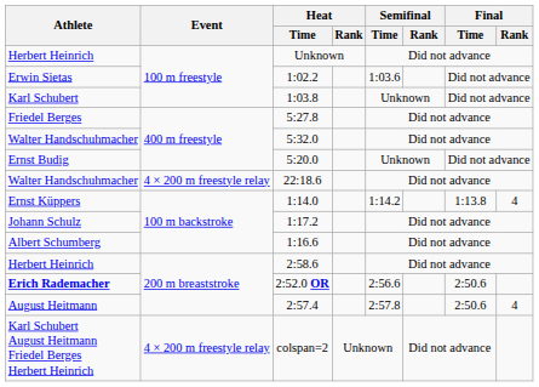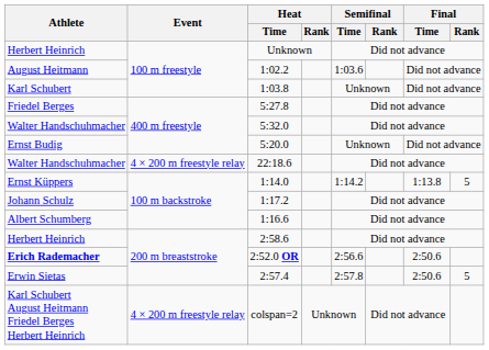 <table class=wikitable style="font-size:90%;">
 <tr>
 <th rowspan=2>Athlete</th>
 <th rowspan=2>Event</th>
 <th colspan=2>Heat</th>
 <th colspan=2>Semifinal</th>
 <th colspan=2>Final</th>
 </tr>
 <tr style="font-size:95%">
 <th>Time</th>
 <th>Rank</th>
 <th>Time</th>
 <th>Rank</th>
 <th>Time</th>
 <th>Rank</th>
 </tr>
 <tr align=center>
 <td align=left><a href='#'>Herbert Heinrich</a></td>
 <td rowspan=3 align=left><a href='#'>100 m freestyle</a></td>
 <td colspan=2>Unknown</td>
 <td colspan=4>Did not advance</td>
 </tr>
 <tr align=center>
-<td align=left><a href='#'>Erwin Sietas</a></td>
+<td align=left><a href='#'>August Heitmann</a></td>
 <td>1:02.2</td>
 <td></td>
 <td>1:03.6</td>
 <td></td>
 <td colspan=2>Did not advance</td>
 </tr>
 <tr align=center>
 <td align=left><a href='#'>Karl Schubert</a></td>
 <td>1:03.8</td>
 <td></td>
 <td colspan=2>Unknown</td>
 <td colspan=2>Did not advance</td>
 </tr>
 <tr align=center>
 <td align=left><a href='#'>Friedel Berges</a></td>
 <td rowspan=3 align=left><a href='#'>400 m freestyle</a></td>
 <td>5:27.8</td>
 <td></td>
 <td colspan=4>Did not advance</td>
 </tr>
 <tr align=center>
 <td align=left><a href='#'>Walter Handschuhmacher</a></td>
 <td>5:32.0</td>
 <td></td>
 <td colspan=4>Did not advance</td>
 </tr>
 <tr align=center>
 <td align=left><a href='#'>Ernst Budig</a></td>
 <td>5:20.0</td>
 <td></td>
 <td colspan=2>Unknown</td>
 <td colspan=2>Did not advance</td>
 </tr>
 <tr align=center>
 <td align=left><a href='#'>Walter Handschuhmacher</a></td>
 <td align=left><a href='#'>4 × 200 m freestyle relay</a></td>
 <td>22:18.6</td>
 <td></td>
 <td colspan=4>Did not advance</td>
 </tr>
 <tr align=center>
 <td align=left><a href='#'>Ernst Küppers</a></td>
 <td rowspan=3 align=left><a href='#'>100 m backstroke</a></td>
 <td>1:14.0</td>
 <td></td>
 <td>1:14.2</td>
 <td></td>
 <td>1:13.8</td>
-<td>4</td>
+<td>5</td>
 </tr>
 <tr align=center>
 <td align=left><a href='#'>Johann Schulz</a></td>
 <td>1:17.2</td>
 <td></td>
 <td colspan=4>Did not advance</td>
 </tr>
 <tr align=center>
 <td align=left><a href='#'>Albert Schumberg</a></td>
 <td>1:16.6</td>
 <td></td>
 <td colspan=4>Did not advance</td>
 </tr>
 <tr align=center>
 <td align=left><a href='#'>Herbert Heinrich</a></td>
 <td rowspan=3 align=left><a href='#'>200 m breaststroke</a></td>
 <td>2:58.6</td>
 <td></td>
 <td colspan=4>Did not advance</td>
 </tr>
 <tr align=center>
 <td align=left><strong><a href='#'>Erich Rademacher</a></strong></td>
 <td>2:52.0 <strong><a href='#'>OR</a></strong></td>
 <td></td>
 <td>2:56.6</td>
 <td></td>
 <td>2:50.6</td>
 <td></td>
 </tr>
 <tr align=center>
-<td align=left><a href='#'>August Heitmann</a></td>
+<td align=left><a href='#'>Erwin Sietas</a></td>
 <td>2:57.4</td>
 <td></td>
 <td>2:57.8</td>
 <td></td>
 <td>2:50.6</td>
-<td>4</td>
+<td>5</td>
 </tr>
 <tr align=center>
 <td align=left><a href='#'>Karl Schubert</a><br><a href='#'>August Heitmann</a><br><a href='#'>Friedel Berges</a><br><a href='#'>Herbert Heinrich</a></td>
 <td align=left><a href='#'>4 × 200 m freestyle relay</a></td>
 <td>colspan=2 </td>
 <td colspan=2>Unknown</td>
 <td colspan=2>Did not advance</td>
 </tr>
 </table>
